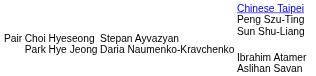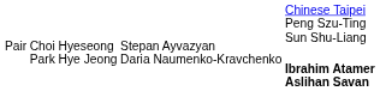 <table>
 <tr>
 <td rowspan=2>Pair</td>
 <td rowspan=2><br>Choi Hyeseong<br>Park Hye Jeong</td>
 <td rowspan=2><br>Stepan Ayvazyan<br>Daria Naumenko-Kravchenko</td>
 <td> <a href='#'>Chinese Taipei</a><br>Peng Szu-Ting<br>Sun Shu-Liang</td>
 </tr>
 <tr>
-<td><br>Ibrahim Atamer<br>Aslihan Savan</td>
+<td><strong><br>Ibrahim Atamer<br>Aslihan Savan</strong></td>
 </tr>
 </table>
